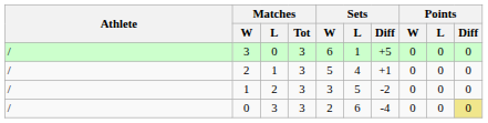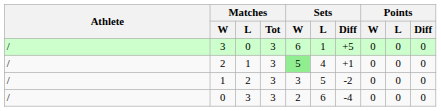 <table class=wikitable style="text-align:center">
 <tr>
 <th rowspan=2 width=300>Athlete</th>
 <th colspan=3 width=90>Matches</th>
 <th colspan=3 width=90>Sets</th>
 <th colspan=3 width=90>Points</th>
 </tr>
 <tr>
 <th width=30>W</th>
 <th width=30>L</th>
 <th width=30>Tot</th>
 <th width=30>W</th>
 <th width=30>L</th>
 <th width=30>Diff</th>
 <th width=30>W</th>
 <th width=30>L</th>
 <th width=30>Diff</th>
 </tr>
 <tr bgcolor=ccffcc>
 <td style="text-align:left">/</td>
 <td>3</td>
 <td>0</td>
 <td>3</td>
 <td>6</td>
 <td>1</td>
 <td>+5</td>
 <td>0</td>
 <td>0</td>
 <td>0</td>
 </tr>
 <tr>
 <td style="text-align:left">/</td>
 <td>2</td>
 <td>1</td>
 <td>3</td>
-<td>5</td>
+<td style="background: lightgreen;">5</td>
 <td>4</td>
 <td>+1</td>
 <td>0</td>
 <td>0</td>
 <td>0</td>
 </tr>
 <tr>
 <td style="text-align:left">/</td>
 <td>1</td>
 <td>2</td>
 <td>3</td>
 <td>3</td>
 <td>5</td>
 <td>-2</td>
 <td>0</td>
 <td>0</td>
 <td>0</td>
 </tr>
 <tr>
 <td style="text-align:left">/</td>
 <td>0</td>
 <td>3</td>
 <td>3</td>
 <td>2</td>
 <td>6</td>
 <td>-4</td>
 <td>0</td>
 <td>0</td>
-<td style="background: khaki;">0</td>
+<td>0</td>
 </tr>
 </table>
